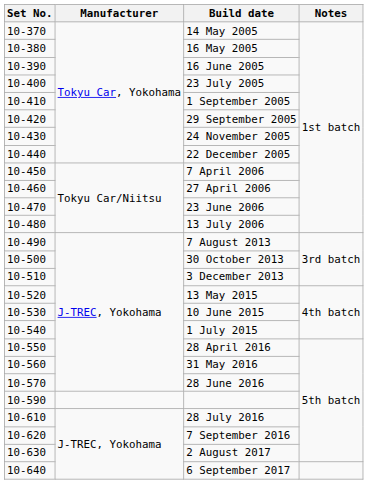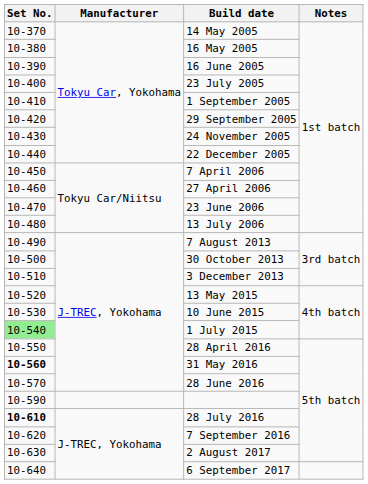 <table class="wikitable">
 <tr>
 <th>Set No.</th>
 <th>Manufacturer</th>
 <th>Build date</th>
 <th>Notes</th>
 </tr>
 <tr>
 <td>10-370</td>
 <td rowspan="8"><a href='#'>Tokyu Car</a>, Yokohama</td>
 <td>14 May 2005</td>
 <td rowspan=12>1st batch</td>
 </tr>
 <tr>
 <td>10-380</td>
 <td>16 May 2005</td>
 </tr>
 <tr>
 <td>10-390</td>
 <td>16 June 2005</td>
 </tr>
 <tr>
 <td>10-400</td>
 <td>23 July 2005</td>
 </tr>
 <tr>
 <td>10-410</td>
 <td>1 September 2005</td>
 </tr>
 <tr>
 <td>10-420</td>
 <td>29 September 2005</td>
 </tr>
 <tr>
 <td>10-430</td>
 <td>24 November 2005</td>
 </tr>
 <tr>
 <td>10-440</td>
 <td>22 December 2005</td>
 </tr>
 <tr>
 <td>10-450</td>
 <td rowspan="4">Tokyu Car/Niitsu</td>
 <td>7 April 2006</td>
 </tr>
 <tr>
 <td>10-460</td>
 <td>27 April 2006</td>
 </tr>
 <tr>
 <td>10-470</td>
 <td>23 June 2006</td>
 </tr>
 <tr>
 <td>10-480</td>
 <td>13 July 2006</td>
 </tr>
 <tr>
 <td>10-490</td>
 <td rowspan="9"><a href='#'>J-TREC</a>, Yokohama</td>
 <td>7 August 2013</td>
 <td rowspan=3>3rd batch</td>
 </tr>
 <tr>
 <td>10-500</td>
 <td>30 October 2013</td>
 </tr>
 <tr>
 <td>10-510</td>
 <td>3 December 2013</td>
 </tr>
 <tr>
 <td>10-520</td>
 <td>13 May 2015</td>
 <td rowspan=3>4th batch</td>
 </tr>
 <tr>
 <td>10-530</td>
 <td>10 June 2015</td>
 </tr>
 <tr>
-<td>10-540</td>
+<td style="background: lightgreen;">10-540</td>
 <td>1 July 2015</td>
 </tr>
 <tr>
 <td>10-550</td>
 <td>28 April 2016</td>
 <td rowspan=7>5th batch</td>
 </tr>
 <tr>
-<td>10-560</td>
+<td><strong>10-560</strong></td>
 <td>31 May 2016</td>
 </tr>
 <tr>
 <td>10-570</td>
 <td>28 June 2016</td>
 </tr>
 <tr>
 <td>10-590</td>
 <td J-TREC, Yokohama></td>
 </tr>
 <tr>
-<td>10-610</td>
+<td><strong>10-610</strong></td>
 <td rowspan="4">J-TREC, Yokohama</td>
 <td>28 July 2016</td>
 </tr>
 <tr>
 <td>10-620</td>
 <td>7 September 2016</td>
 </tr>
 <tr>
 <td>10-630</td>
 <td>2 August 2017</td>
 </tr>
 <tr>
 <td>10-640</td>
 <td>6 September 2017</td>
 <td></td>
 </tr>
 </table>
